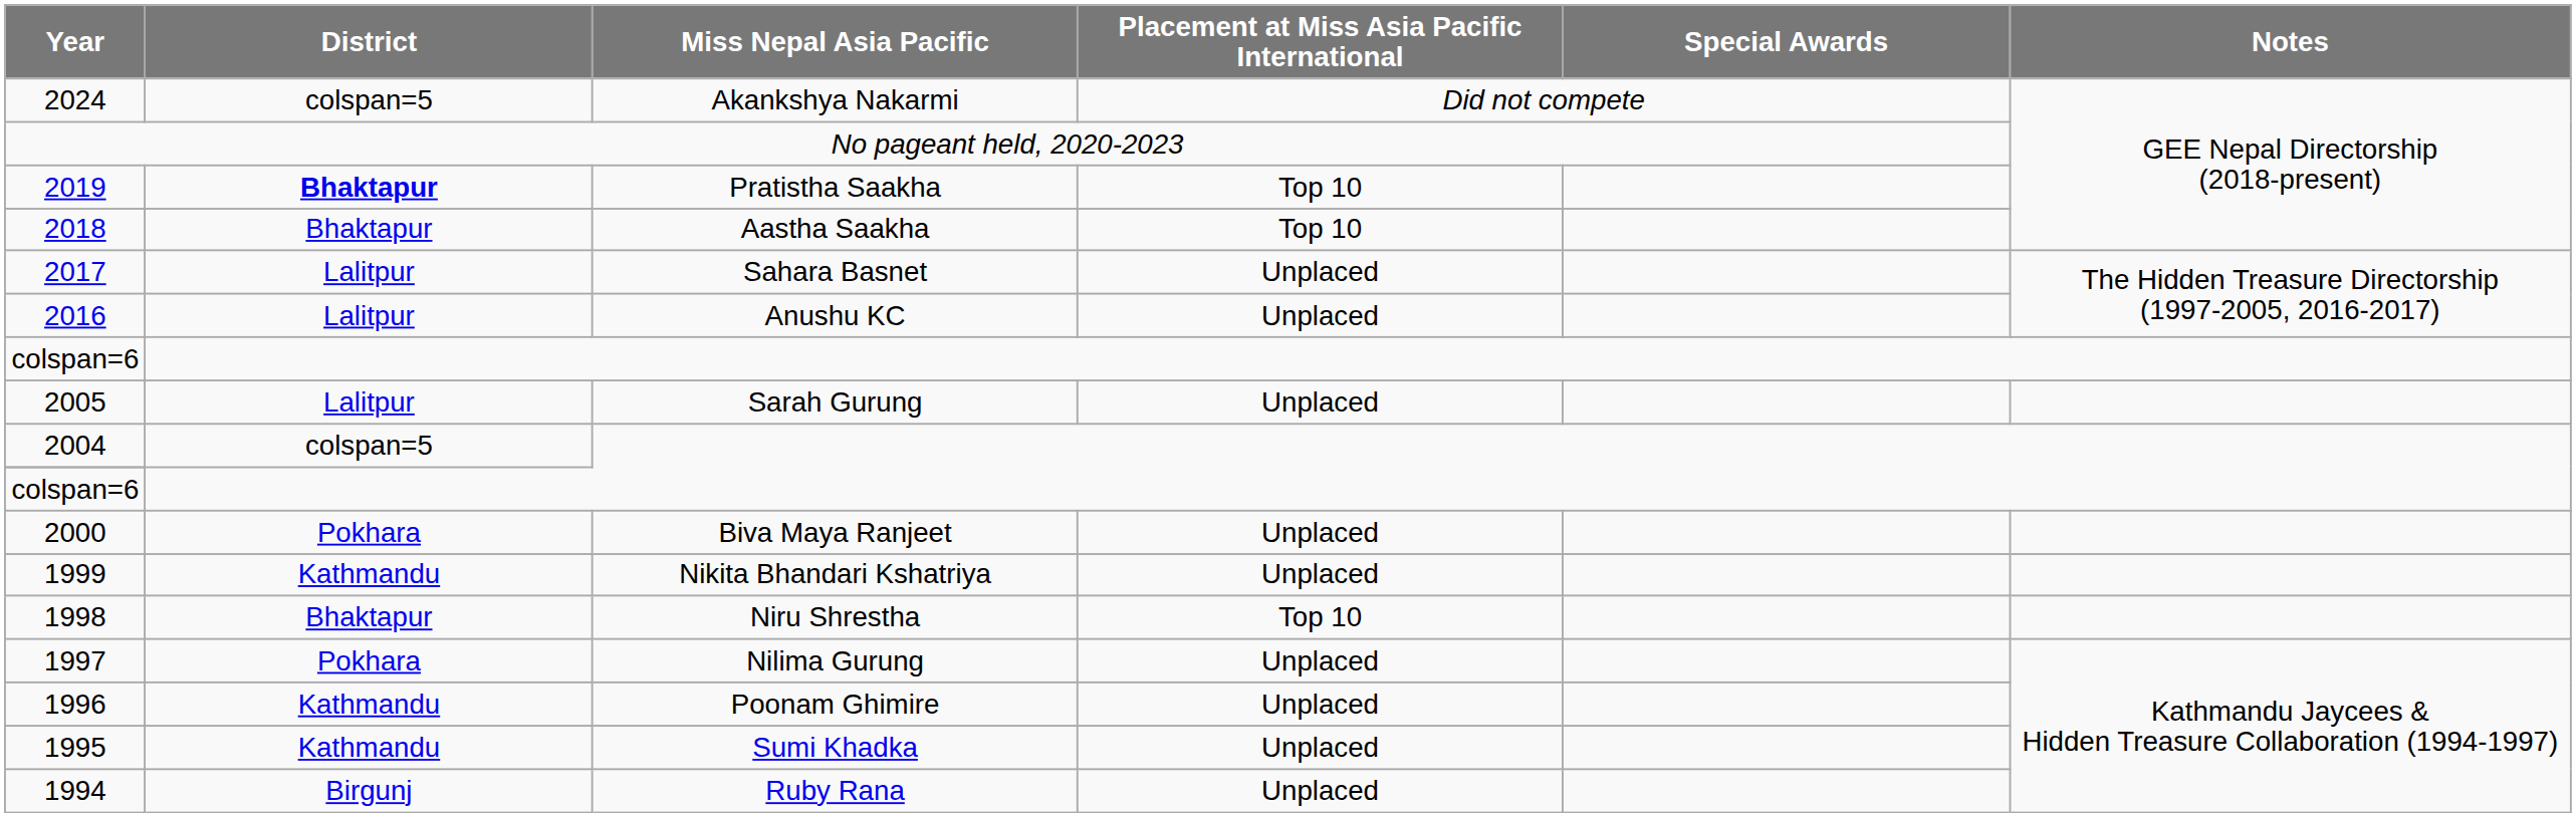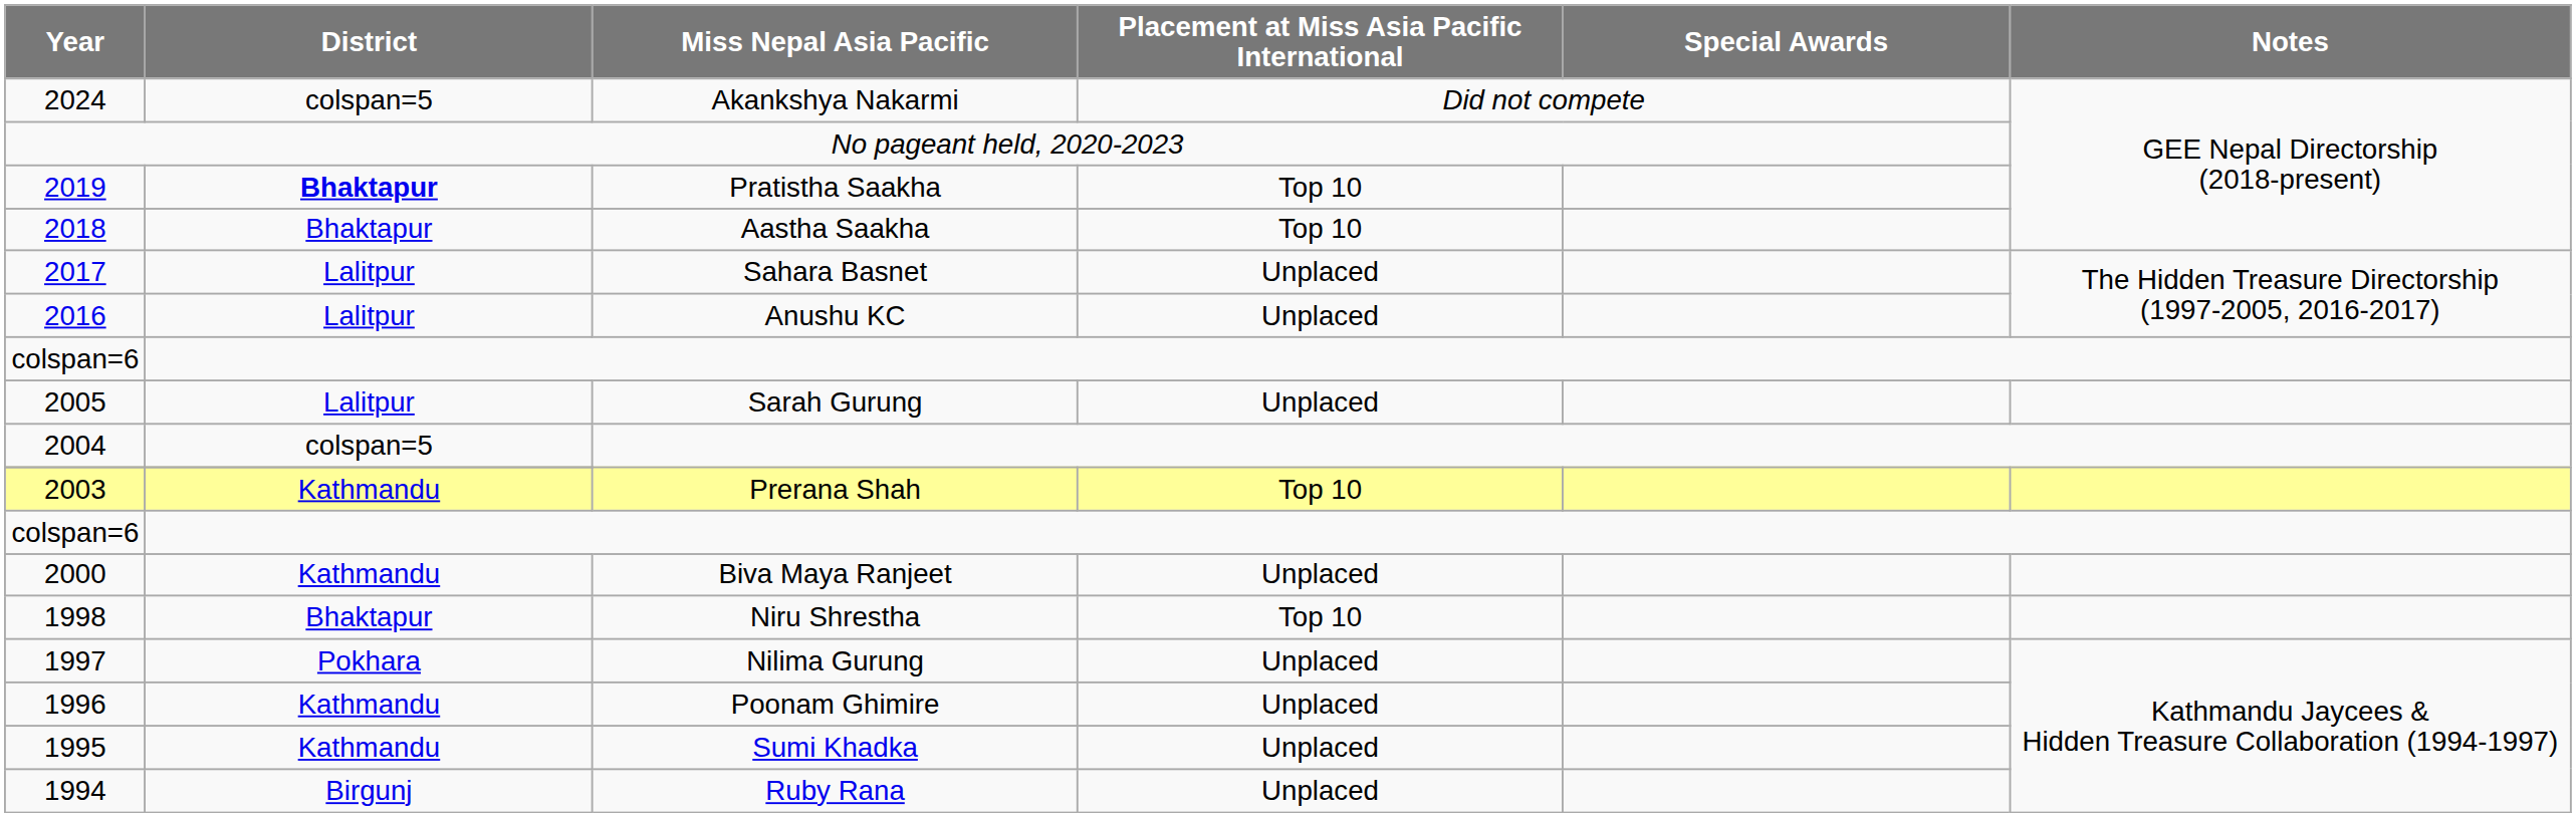 <table class="wikitable" style="font-size: 92%; text-align:center">
 <tr>
 <th width="60" style="background-color:#787878;color:#FFFFFF;">Year</th>
 <th width="230" style="background-color:#787878;color:#FFFFFF;">District</th>
 <th width="250" style="background-color:#787878;color:#FFFFFF;">Miss Nepal Asia Pacific</th>
 <th width="250" style="background-color:#787878;color:#FFFFFF;">Placement at Miss Asia Pacific International</th>
 <th width="230" style="background-color:#787878;color:#FFFFFF;">Special Awards</th>
 <th width="290" style="background-color:#787878;color:#FFFFFF;">Notes</th>
 </tr>
 <tr>
 <td>2024</td>
 <td>colspan=5 </td>
 <td>Akankshya Nakarmi</td>
 <td colspan="2"><em>Did not compete</em></td>
 <td rowspan="4">GEE Nepal Directorship<br>(2018-present)</td>
 </tr>
 <tr>
 <td colspan="5"><em>No pageant held, 2020-2023</em></td>
 </tr>
 <tr>
 <td><a href='#'>2019</a></td>
 <td><strong><a href='#'>Bhaktapur</a></strong></td>
 <td>Pratistha Saakha</td>
 <td>Top 10</td>
 <td></td>
 </tr>
 <tr>
 <td><a href='#'>2018</a></td>
 <td><a href='#'>Bhaktapur</a></td>
 <td>Aastha Saakha</td>
 <td>Top 10</td>
 <td></td>
 </tr>
 <tr>
 <td><a href='#'>2017</a></td>
 <td><a href='#'>Lalitpur</a></td>
 <td>Sahara Basnet</td>
 <td>Unplaced</td>
 <td></td>
 <td rowspan="2">The Hidden Treasure Directorship<br>(1997-2005, 2016-2017)</td>
 </tr>
 <tr>
 <td><a href='#'>2016</a></td>
 <td><a href='#'>Lalitpur</a></td>
 <td>Anushu KC</td>
 <td>Unplaced</td>
 <td></td>
 </tr>
 <tr>
 <td>colspan=6 </td>
 </tr>
 <tr>
 <td>2005</td>
 <td><a href='#'>Lalitpur</a></td>
 <td>Sarah Gurung</td>
 <td>Unplaced</td>
 <td></td>
 <td></td>
 </tr>
 <tr>
 <td>2004</td>
 <td>colspan=5 </td>
 </tr>
 <tr>
 </tr>
+<tr style="background-color:#FFFF99; ">
+<td>2003</td>
+<td><a href='#'>Kathmandu</a></td>
+<td>Prerana Shah</td>
+<td>Top 10</td>
+<td></td>
+<td></td>
+</tr>
 <tr>
 <td>colspan=6 </td>
 </tr>
 <tr>
 <td>2000</td>
-<td><a href='#'>Pokhara</a></td>
+<td><a href='#'>Kathmandu</a></td>
 <td>Biva Maya Ranjeet</td>
-<td>Unplaced</td>
-<td></td>
-<td></td>
-</tr>
-<tr>
-<td>1999</td>
-<td><a href='#'>Kathmandu</a></td>
-<td>Nikita Bhandari Kshatriya</td>
 <td>Unplaced</td>
 <td></td>
 <td></td>
 </tr>
 <tr>
 <td>1998</td>
 <td><a href='#'>Bhaktapur</a></td>
 <td>Niru Shrestha</td>
 <td>Top 10</td>
 <td></td>
 <td></td>
 </tr>
 <tr>
 <td>1997</td>
 <td><a href='#'>Pokhara</a></td>
 <td>Nilima Gurung</td>
 <td>Unplaced</td>
 <td></td>
 <td rowspan="4">Kathmandu Jaycees &<br>Hidden Treasure Collaboration (1994-1997)</td>
 </tr>
 <tr>
 <td>1996</td>
 <td><a href='#'>Kathmandu</a></td>
 <td>Poonam Ghimire</td>
 <td>Unplaced</td>
 <td></td>
 </tr>
 <tr>
 <td>1995</td>
 <td><a href='#'>Kathmandu</a></td>
 <td><a href='#'>Sumi Khadka</a></td>
 <td>Unplaced</td>
 <td></td>
 </tr>
 <tr>
 <td>1994</td>
 <td><a href='#'>Birgunj</a></td>
 <td><a href='#'>Ruby Rana</a></td>
 <td>Unplaced</td>
 <td></td>
 </tr>
 </table>
